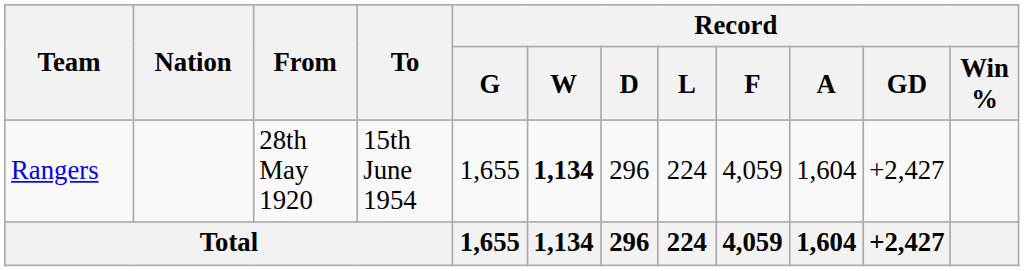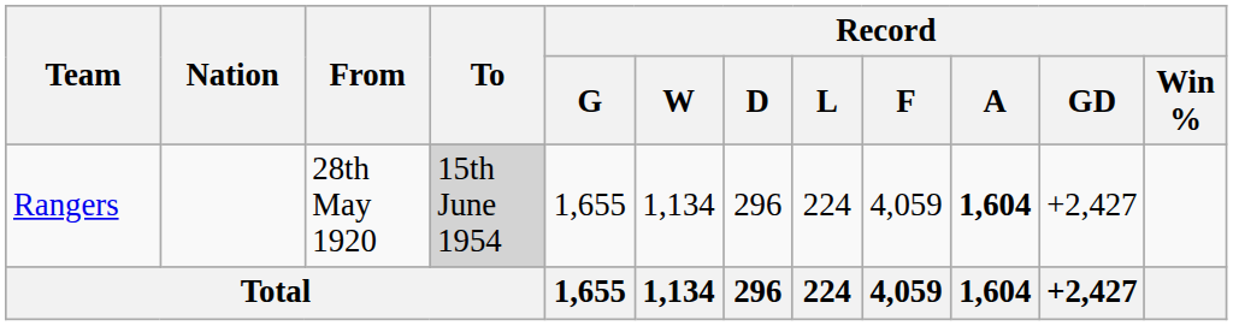 <table class="wikitable" style="text-align: center">
 <tr>
 <th rowspan=2 width=140>Team</th>
 <th rowspan=2 width=140>Nation</th>
 <th rowspan=2 width=125>From</th>
 <th rowspan=2 width=125>To</th>
 <th colspan=8>Record</th>
 </tr>
 <tr>
 <th width=40>G</th>
 <th width=40>W</th>
 <th width=40>D</th>
 <th width=40>L</th>
 <th width=40>F</th>
 <th width=40>A</th>
 <th width=40>GD</th>
 <th width=50>Win %</th>
 </tr>
 <tr>
 <td align="left"><a href='#'>Rangers</a></td>
 <td align="left"></td>
 <td align=left>28th May 1920</td>
-<td align=left>15th June 1954</td>
+<td align=left style="background: lightgrey;">15th June 1954</td>
 <td>1,655</td>
-<td><strong>1,134</strong></td>
+<td>1,134</td>
 <td>296</td>
 <td>224</td>
 <td>4,059</td>
-<td>1,604</td>
+<td><strong>1,604</strong></td>
 <td>+2,427</td>
 <td></td>
 </tr>
 <tr>
 <th align="center" colspan="4">Total</th>
 <th>1,655</th>
 <th>1,134</th>
 <th>296</th>
 <th>224</th>
 <th>4,059</th>
 <th>1,604</th>
 <th>+2,427</th>
 <th></th>
 </tr>
 </table>
